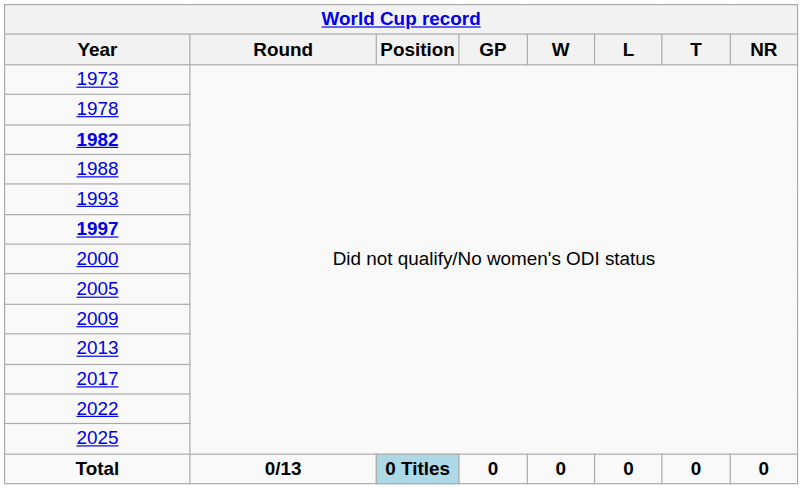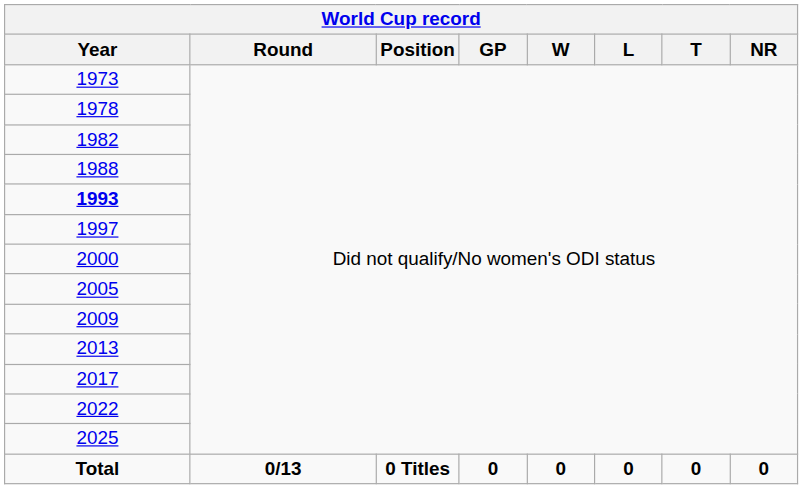 <table class="wikitable" style="text-align: center;">
 <tr>
 <th colspan=8><a href='#'>World Cup record</a></th>
 </tr>
 <tr>
 <th width=150>Year</th>
 <th width=150>Round</th>
 <th width=50>Position</th>
 <th width=50>GP</th>
 <th width=50>W</th>
 <th width=50>L</th>
 <th width=50>T</th>
 <th width=50>NR</th>
 </tr>
 <tr>
 <td> <a href='#'>1973</a></td>
 <td colspan=7  rowspan=13>Did not qualify/No women's ODI status</td>
 </tr>
 <tr>
 <td> <a href='#'>1978</a></td>
 </tr>
 <tr>
-<td><strong> <a href='#'>1982</a></strong></td>
+<td> <a href='#'>1982</a></td>
 </tr>
 <tr>
 <td> <a href='#'>1988</a></td>
 </tr>
 <tr>
-<td> <a href='#'>1993</a></td>
+<td><strong> <a href='#'>1993</a></strong></td>
 </tr>
 <tr>
-<td><strong> <a href='#'>1997</a></strong></td>
+<td> <a href='#'>1997</a></td>
 </tr>
 <tr>
 <td> <a href='#'>2000</a></td>
 </tr>
 <tr>
 <td> <a href='#'>2005</a></td>
 </tr>
 <tr>
 <td> <a href='#'>2009</a></td>
 </tr>
 <tr>
 <td> <a href='#'>2013</a></td>
 </tr>
 <tr>
 <td> <a href='#'>2017</a></td>
 </tr>
 <tr>
 <td> <a href='#'>2022</a></td>
 </tr>
 <tr>
 <td> <a href='#'>2025</a></td>
 </tr>
 <tr>
 <td><strong>Total</strong></td>
 <td><strong>0/13</strong></td>
-<td style="background: lightblue;"><strong>0 Titles</strong></td>
+<td><strong>0 Titles</strong></td>
 <td><strong>0</strong></td>
 <td><strong>0</strong></td>
 <td><strong>0</strong></td>
 <td><strong>0</strong></td>
 <td><strong>0</strong></td>
 </tr>
 </table>
